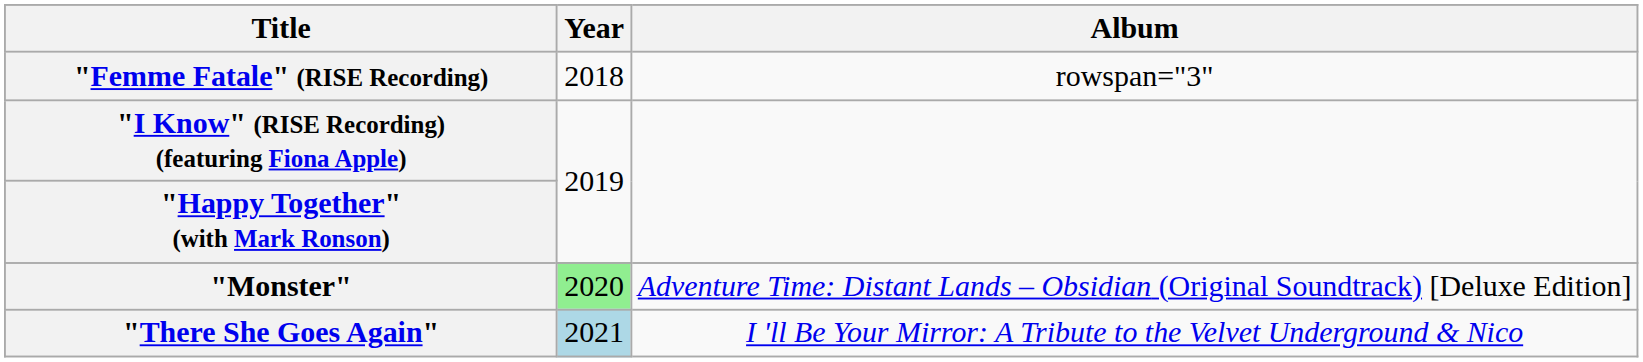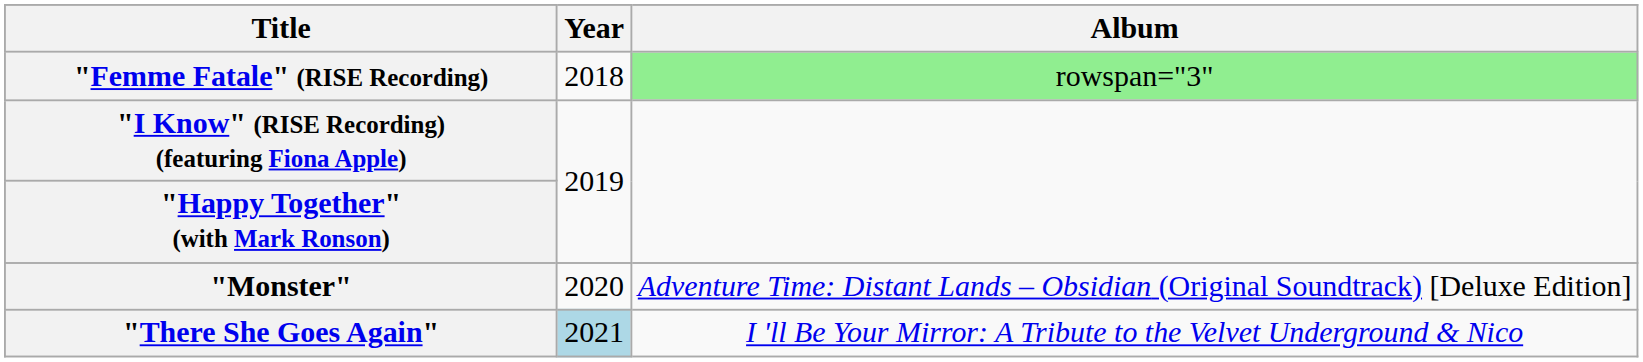 <table class="wikitable plainrowheaders" style="text-align:center;">
 <tr>
 <th scope="col" rowspan="1" style="width:18em;">Title</th>
 <th scope="col" rowspan="1">Year</th>
 <th scope="col" rowspan="1">Album</th>
 </tr>
 <tr>
 <th scope="row">"<a href='#'>Femme Fatale</a>" <small>(RISE Recording)</small></th>
 <td>2018</td>
-<td>rowspan="3" </td>
+<td style="background: lightgreen;">rowspan="3" </td>
 </tr>
 <tr>
 <th scope="row">"<a href='#'>I Know</a>" <small>(RISE Recording)</small><br> <small>(featuring <a href='#'>Fiona Apple</a>)</small></th>
 <td rowspan="2">2019</td>
 </tr>
 <tr>
 <th scope="row">"<a href='#'>Happy Together</a>"<br> <small>(with <a href='#'>Mark Ronson</a>)</small></th>
 </tr>
 <tr>
 <th scope="row">"Monster"</th>
-<td style="background: lightgreen;">2020</td>
+<td>2020</td>
 <td><a href='#'><em>Adventure Time: Distant Lands – Obsidian</em> (Original Soundtrack)</a> [Deluxe Edition]</td>
 </tr>
 <tr>
 <th scope="row">"<a href='#'>There She Goes Again</a>"</th>
 <td style="background: lightblue;">2021</td>
 <td><a href='#'><em>I 'll Be Your Mirror: A Tribute to the Velvet Underground & Nico</em></a></td>
 </tr>
 </table>
